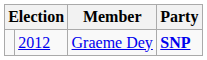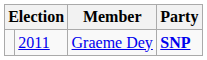 <table class="wikitable">
 <tr>
 <th colspan="2">Election</th>
 <th>Member</th>
 <th>Party</th>
 </tr>
 <tr>
 <td style="background-color: "></td>
-<td><a href='#'>2012</a></td>
+<td><a href='#'>2011</a></td>
 <td><a href='#'>Graeme Dey</a></td>
 <td><strong><a href='#'>SNP</a></strong></td>
 </tr>
 </table>
